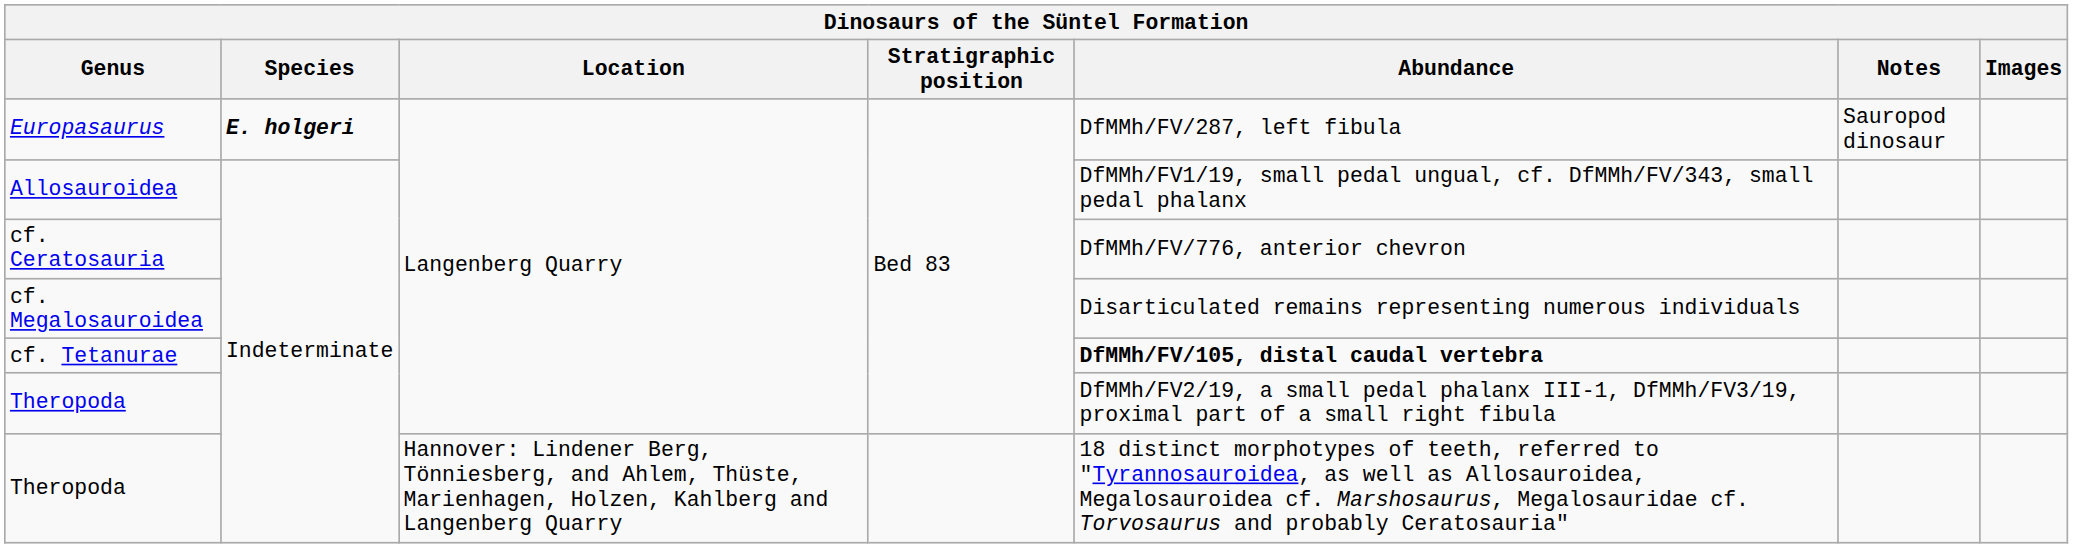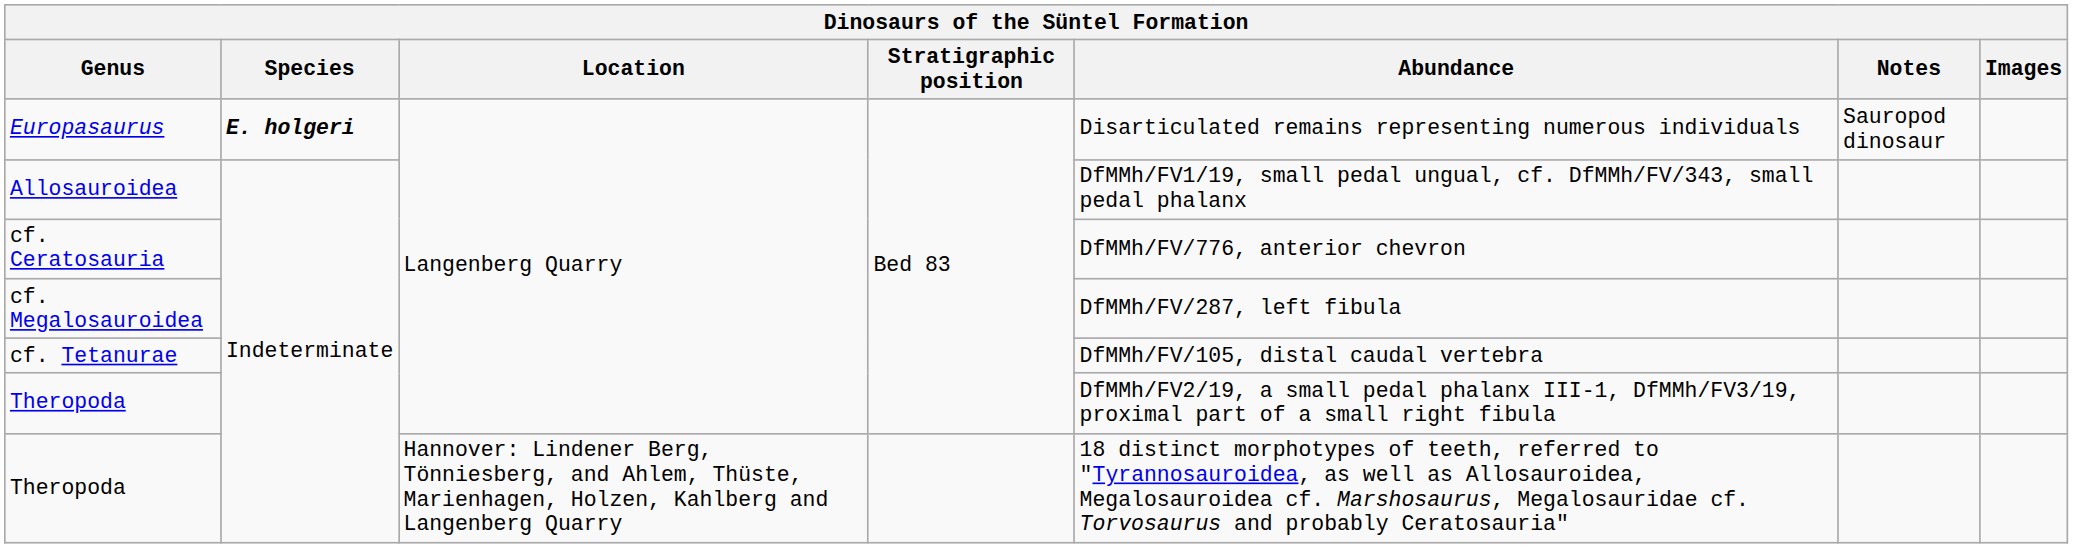 <table class="wikitable sortable">
 <tr>
 <th colspan="7" align="center"><strong>Dinosaurs of the Süntel Formation</strong></th>
 </tr>
 <tr>
 <th>Genus</th>
 <th>Species</th>
 <th>Location</th>
 <th>Stratigraphic position</th>
 <th>Abundance</th>
 <th>Notes</th>
 <th>Images</th>
 </tr>
 <tr>
 <td><em><a href='#'>Europasaurus</a></em></td>
 <td><strong><em>E. holgeri</em></strong></td>
 <td rowspan="6">Langenberg Quarry</td>
 <td rowspan="6">Bed 83</td>
-<td>DfMMh/FV/287, left fibula</td>
+<td>Disarticulated remains representing numerous individuals</td>
 <td>Sauropod dinosaur</td>
 <td></td>
 </tr>
 <tr>
 <td><a href='#'>Allosauroidea</a></td>
 <td rowspan="6">Indeterminate</td>
 <td>DfMMh/FV1/19, small pedal ungual, cf. DfMMh/FV/343, small pedal phalanx</td>
 <td></td>
 <td></td>
 </tr>
 <tr>
 <td>cf. <a href='#'>Ceratosauria</a></td>
 <td>DfMMh/FV/776, anterior chevron</td>
 <td></td>
 <td></td>
 </tr>
 <tr>
 <td>cf. <a href='#'>Megalosauroidea</a></td>
-<td>Disarticulated remains representing numerous individuals</td>
+<td>DfMMh/FV/287, left fibula</td>
 <td></td>
 <td></td>
 </tr>
 <tr>
 <td>cf. <a href='#'>Tetanurae</a></td>
-<td><strong>DfMMh/FV/105, distal caudal vertebra</strong></td>
+<td>DfMMh/FV/105, distal caudal vertebra</td>
 <td></td>
 <td></td>
 </tr>
 <tr>
 <td><a href='#'>Theropoda</a></td>
 <td>DfMMh/FV2/19, a small pedal phalanx III-1, DfMMh/FV3/19, proximal part of a small right fibula</td>
 <td></td>
 <td></td>
 </tr>
 <tr>
 <td>Theropoda</td>
 <td>Hannover: Lindener Berg, Tönniesberg, and Ahlem, Thüste, Marienhagen, Holzen, Kahlberg  and Langenberg Quarry</td>
 <td></td>
 <td>18 distinct morphotypes of teeth, referred to "<a href='#'>Tyrannosauroidea</a>, as well as Allosauroidea, Megalosauroidea cf. <em>Marshosaurus</em>, Megalosauridae cf. <em>Torvosaurus</em> and probably Ceratosauria"</td>
 <td></td>
 <td></td>
 </tr>
 </table>
